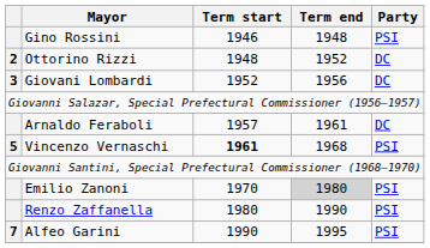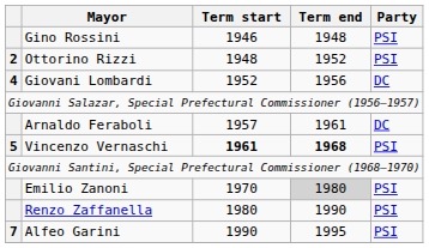 <table class="wikitable">
 <tr>
 <th class=unsortable> </th>
 <th>Mayor</th>
 <th>Term start</th>
 <th>Term end</th>
 <th>Party</th>
 </tr>
 <tr>
 <th style="background:"></th>
 <td>Gino Rossini</td>
 <td align=center>1946</td>
 <td align=center>1948</td>
 <td><a href='#'>PSI</a></td>
 </tr>
 <tr>
 <th style="background:">2</th>
 <td>Ottorino Rizzi</td>
 <td align=center>1948</td>
 <td align=center>1952</td>
-<td><a href='#'>DC</a></td>
+<td><a href='#'>PSI</a></td>
 </tr>
 <tr>
-<th style="background:">3</th>
+<th style="background:">4</th>
 <td>Giovani Lombardi</td>
 <td align=center>1952</td>
 <td align=center>1956</td>
 <td><a href='#'>DC</a></td>
 </tr>
 <tr>
 <td colspan=5><small><em>Giovanni Salazar, Special Prefectural Commissioner (1956–1957)</em></small></td>
 </tr>
 <tr>
 <th style="background:"></th>
 <td>Arnaldo Feraboli</td>
 <td align=center>1957</td>
 <td align=center>1961</td>
 <td><a href='#'>DC</a></td>
 </tr>
 <tr>
 <th style="background:">5</th>
 <td>Vincenzo Vernaschi</td>
 <td align=center><strong>1961</strong></td>
-<td align=center>1968</td>
+<td align=center><strong>1968</strong></td>
 <td><a href='#'>PSI</a></td>
 </tr>
 <tr>
 <td colspan=5><small><em>Giovanni Santini, Special Prefectural Commissioner (1968–1970)</em></small></td>
 </tr>
 <tr>
 <th style="background:"></th>
 <td>Emilio Zanoni</td>
 <td align=center>1970</td>
 <td align=center style="background: lightgrey;">1980</td>
 <td><a href='#'>PSI</a></td>
 </tr>
 <tr>
 <th style="background:"></th>
 <td><a href='#'>Renzo Zaffanella</a></td>
 <td align=center>1980</td>
 <td align=center>1990</td>
 <td><a href='#'>PSI</a></td>
 </tr>
 <tr>
 <th style="background:">7</th>
 <td>Alfeo Garini</td>
 <td align=center>1990</td>
 <td align=center>1995</td>
 <td><a href='#'>PSI</a></td>
 </tr>
 <tr>
 </tr>
 </table>
